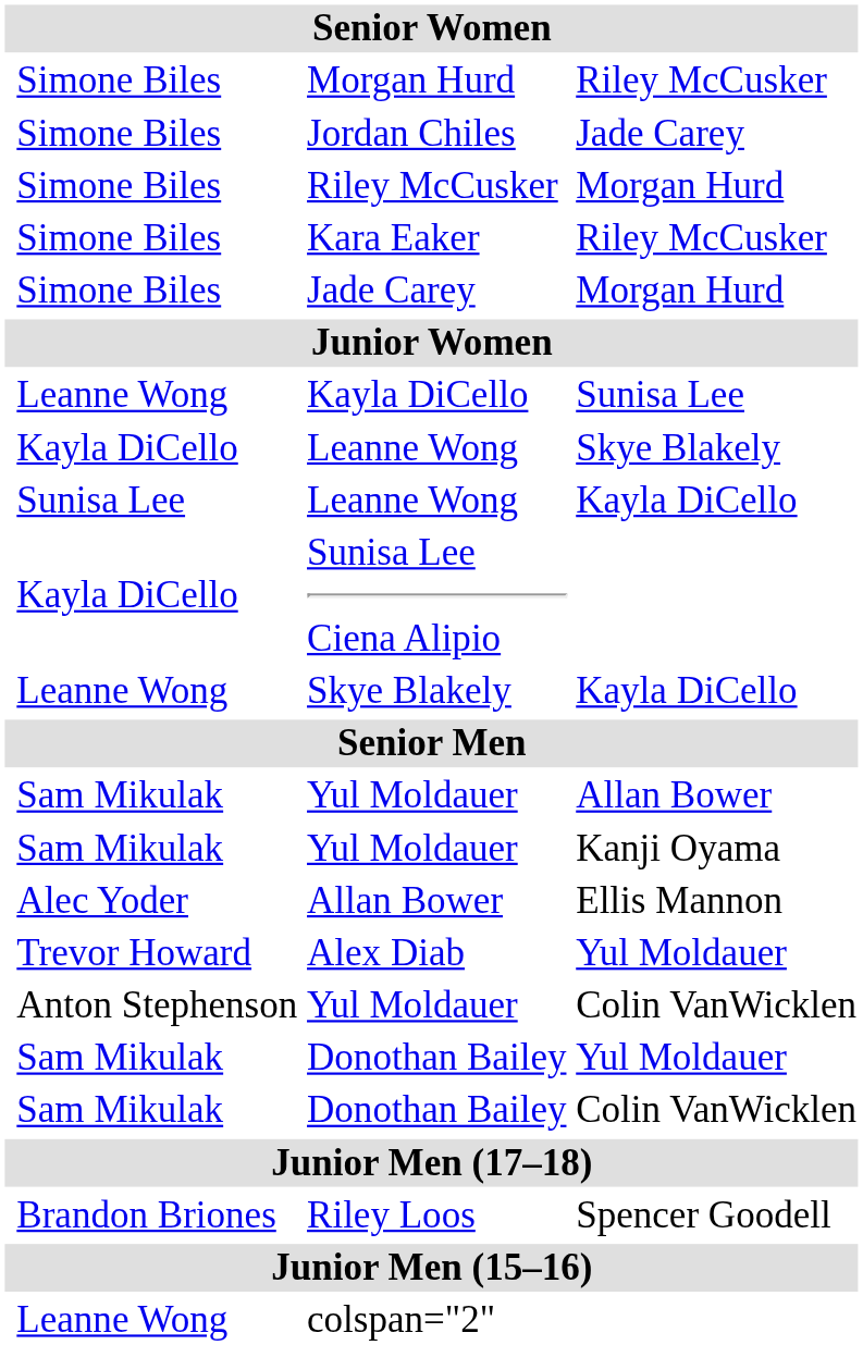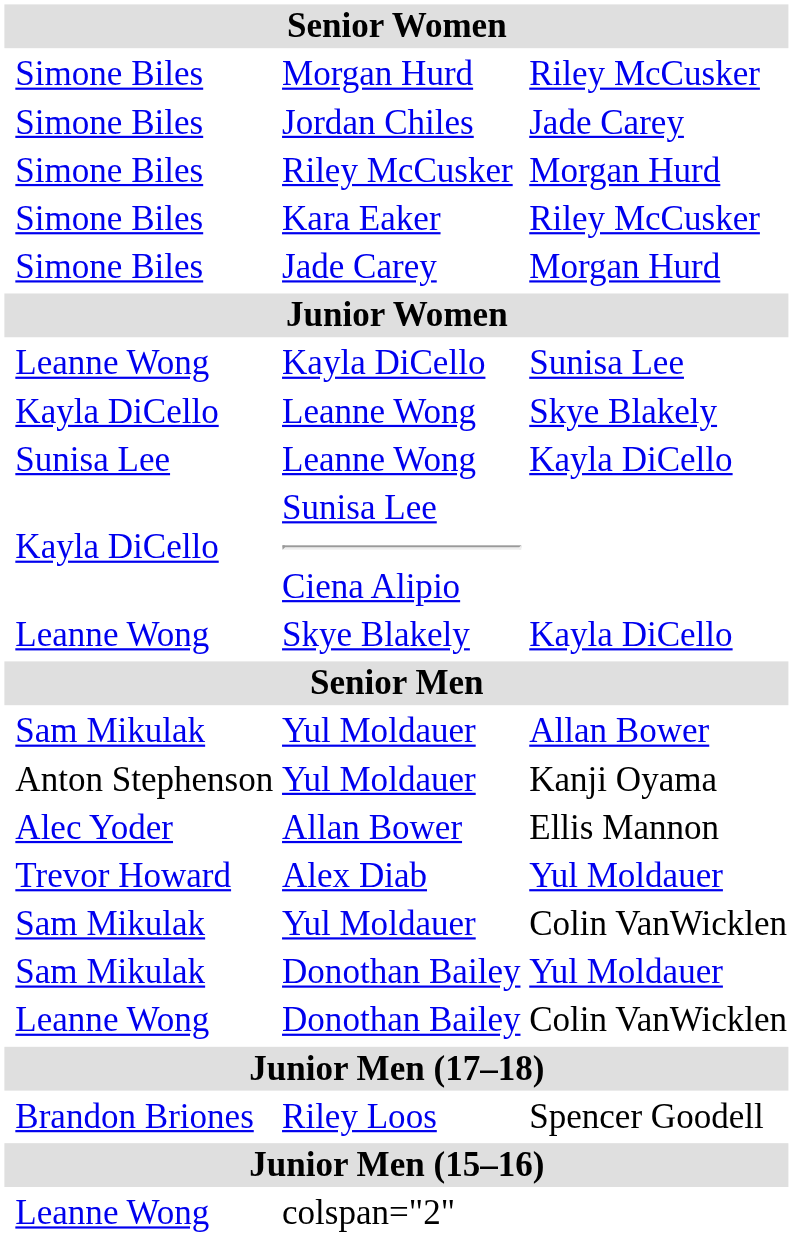 <table>
 <tr style="background:#dfdfdf;">
 <td colspan="4" style="text-align:center;"><strong>Senior Women</strong></td>
 </tr>
 <tr>
 <th scope=row style="text-align:left"></th>
 <td><a href='#'>Simone Biles</a></td>
 <td><a href='#'>Morgan Hurd</a></td>
 <td><a href='#'>Riley McCusker</a></td>
 </tr>
 <tr>
 <th scope=row style="text-align:left"></th>
 <td><a href='#'>Simone Biles</a></td>
 <td><a href='#'>Jordan Chiles</a></td>
 <td><a href='#'>Jade Carey</a></td>
 </tr>
 <tr>
 <th scope=row style="text-align:left"></th>
 <td><a href='#'>Simone Biles</a></td>
 <td><a href='#'>Riley McCusker</a></td>
 <td><a href='#'>Morgan Hurd</a></td>
 </tr>
 <tr>
 <th scope=row style="text-align:left"></th>
 <td><a href='#'>Simone Biles</a></td>
 <td><a href='#'>Kara Eaker</a></td>
 <td><a href='#'>Riley McCusker</a></td>
 </tr>
 <tr>
 <th scope=row style="text-align:left"></th>
 <td><a href='#'>Simone Biles</a></td>
 <td><a href='#'>Jade Carey</a></td>
 <td><a href='#'>Morgan Hurd</a></td>
 </tr>
 <tr style="background:#dfdfdf;">
 <td colspan="4" style="text-align:center;"><strong>Junior Women</strong></td>
 </tr>
 <tr>
 <th scope=row style="text-align:left"></th>
 <td><a href='#'>Leanne Wong</a></td>
 <td><a href='#'>Kayla DiCello</a></td>
 <td><a href='#'>Sunisa Lee</a></td>
 </tr>
 <tr>
 <th scope=row style="text-align:left"></th>
 <td><a href='#'>Kayla DiCello</a></td>
 <td><a href='#'>Leanne Wong</a></td>
 <td><a href='#'>Skye Blakely</a></td>
 </tr>
 <tr>
 <th scope=row style="text-align:left"></th>
 <td><a href='#'>Sunisa Lee</a></td>
 <td><a href='#'>Leanne Wong</a></td>
 <td><a href='#'>Kayla DiCello</a></td>
 </tr>
 <tr>
 <th scope=row style="text-align:left"></th>
 <td><a href='#'>Kayla DiCello</a></td>
 <td><a href='#'>Sunisa Lee</a><hr><a href='#'>Ciena Alipio</a></td>
 <td></td>
 </tr>
 <tr>
 <th scope=row style="text-align:left"></th>
 <td><a href='#'>Leanne Wong</a></td>
 <td><a href='#'>Skye Blakely</a></td>
 <td><a href='#'>Kayla DiCello</a></td>
 </tr>
 <tr style="background:#dfdfdf;">
 <td colspan="4" style="text-align:center;"><strong>Senior Men</strong></td>
 </tr>
 <tr>
 <th scope=row style="text-align:left"></th>
 <td><a href='#'>Sam Mikulak</a></td>
 <td><a href='#'>Yul Moldauer</a></td>
 <td><a href='#'>Allan Bower</a></td>
 </tr>
 <tr>
 <th scope=row style="text-align:left"></th>
-<td><a href='#'>Sam Mikulak</a></td>
+<td>Anton Stephenson</td>
 <td><a href='#'>Yul Moldauer</a></td>
 <td>Kanji Oyama</td>
 </tr>
 <tr>
 <th scope=row style="text-align:left"></th>
 <td><a href='#'>Alec Yoder</a></td>
 <td><a href='#'>Allan Bower</a></td>
 <td>Ellis Mannon</td>
 </tr>
 <tr>
 <th scope=row style="text-align:left"></th>
 <td><a href='#'>Trevor Howard</a></td>
 <td><a href='#'>Alex Diab</a></td>
 <td><a href='#'>Yul Moldauer</a></td>
 </tr>
 <tr>
 <th scope=row style="text-align:left"></th>
-<td>Anton Stephenson</td>
+<td><a href='#'>Sam Mikulak</a></td>
 <td><a href='#'>Yul Moldauer</a></td>
 <td>Colin VanWicklen</td>
 </tr>
 <tr>
 <th scope=row style="text-align:left"></th>
 <td><a href='#'>Sam Mikulak</a></td>
 <td><a href='#'>Donothan Bailey</a></td>
 <td><a href='#'>Yul Moldauer</a></td>
 </tr>
 <tr>
 <th scope=row style="text-align:left"></th>
-<td><a href='#'>Sam Mikulak</a></td>
+<td><a href='#'>Leanne Wong</a></td>
 <td><a href='#'>Donothan Bailey</a></td>
 <td>Colin VanWicklen</td>
 </tr>
 <tr style="background:#dfdfdf;">
 <td colspan="4" style="text-align:center;"><strong>Junior Men (17–18)</strong></td>
 </tr>
 <tr>
 <th scope=row style="text-align:left"></th>
 <td><a href='#'>Brandon Briones</a></td>
 <td><a href='#'>Riley Loos</a></td>
 <td>Spencer Goodell</td>
 </tr>
 <tr style="background:#dfdfdf;">
 <td colspan="4" style="text-align:center;"><strong>Junior Men (15–16)</strong></td>
 </tr>
 <tr>
 <th scope=row style="text-align:left"></th>
 <td><a href='#'>Leanne Wong</a></td>
 <td>colspan="2" </td>
 </tr>
 </table>
